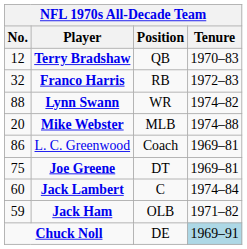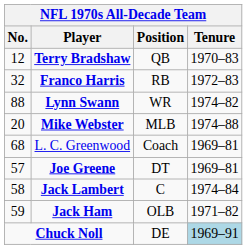 <table class="wikitable" style="text-align:center">
 <tr>
 <th colspan="4"><a href='#'><span>NFL 1970s All-Decade Team</span></a></th>
 </tr>
 <tr>
 <th>No.</th>
 <th>Player</th>
 <th>Position</th>
 <th>Tenure</th>
 </tr>
 <tr>
 <td>12</td>
 <td><strong><a href='#'>Terry Bradshaw</a></strong></td>
 <td>QB</td>
 <td>1970–83</td>
 </tr>
 <tr>
 <td>32</td>
 <td><strong><a href='#'>Franco Harris</a></strong></td>
 <td>RB</td>
 <td>1972–83</td>
 </tr>
 <tr>
 <td>88</td>
 <td><strong><a href='#'>Lynn Swann</a></strong></td>
 <td>WR</td>
 <td>1974–82</td>
 </tr>
 <tr>
 <td>20</td>
 <td><strong><a href='#'>Mike Webster</a></strong></td>
 <td>MLB</td>
 <td>1974–88</td>
 </tr>
 <tr>
-<td>86</td>
+<td>68</td>
 <td><a href='#'>L. C. Greenwood</a></td>
 <td>Coach</td>
 <td>1969–81</td>
 </tr>
 <tr>
-<td>75</td>
+<td>57</td>
 <td><strong><a href='#'>Joe Greene</a></strong></td>
 <td>DT</td>
 <td>1969–81</td>
 </tr>
 <tr>
-<td>60</td>
+<td>58</td>
 <td><strong><a href='#'>Jack Lambert</a></strong></td>
 <td>C</td>
 <td>1974–84</td>
 </tr>
 <tr>
 <td>59</td>
 <td><strong><a href='#'>Jack Ham</a></strong></td>
 <td>OLB</td>
 <td>1971–82</td>
 </tr>
 <tr>
 <td colspan="2"><strong><a href='#'>Chuck Noll</a></strong></td>
 <td>DE</td>
 <td style="background: lightblue;">1969–91</td>
 </tr>
 </table>
